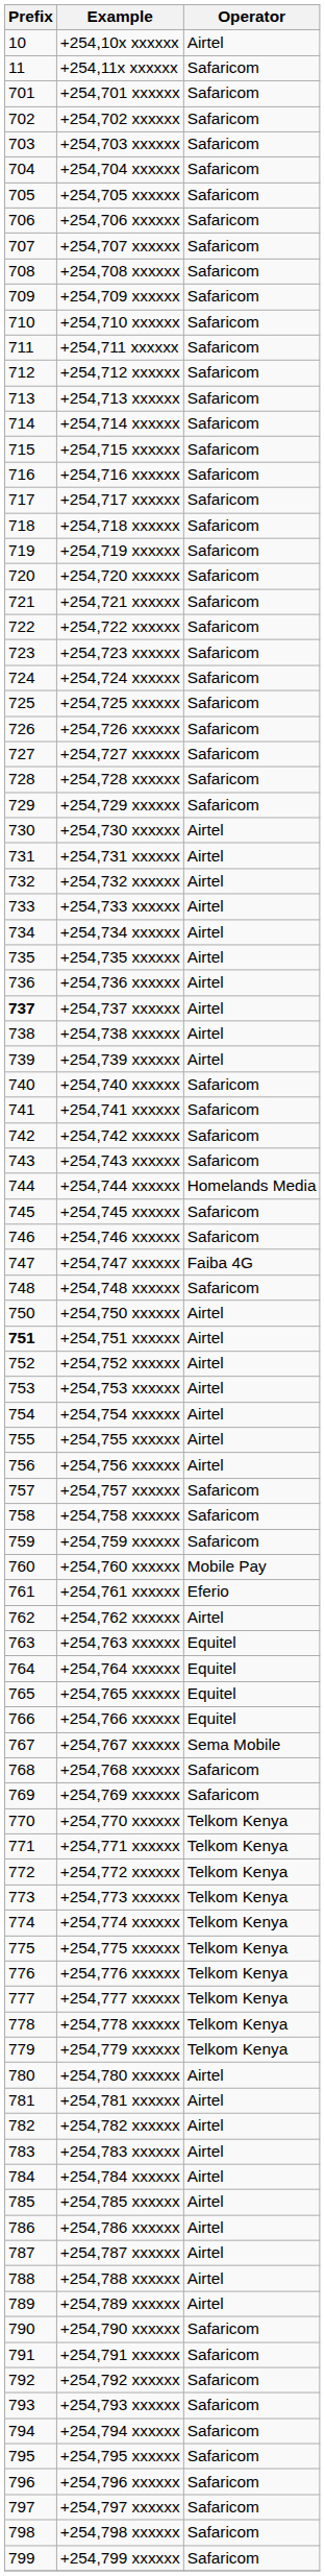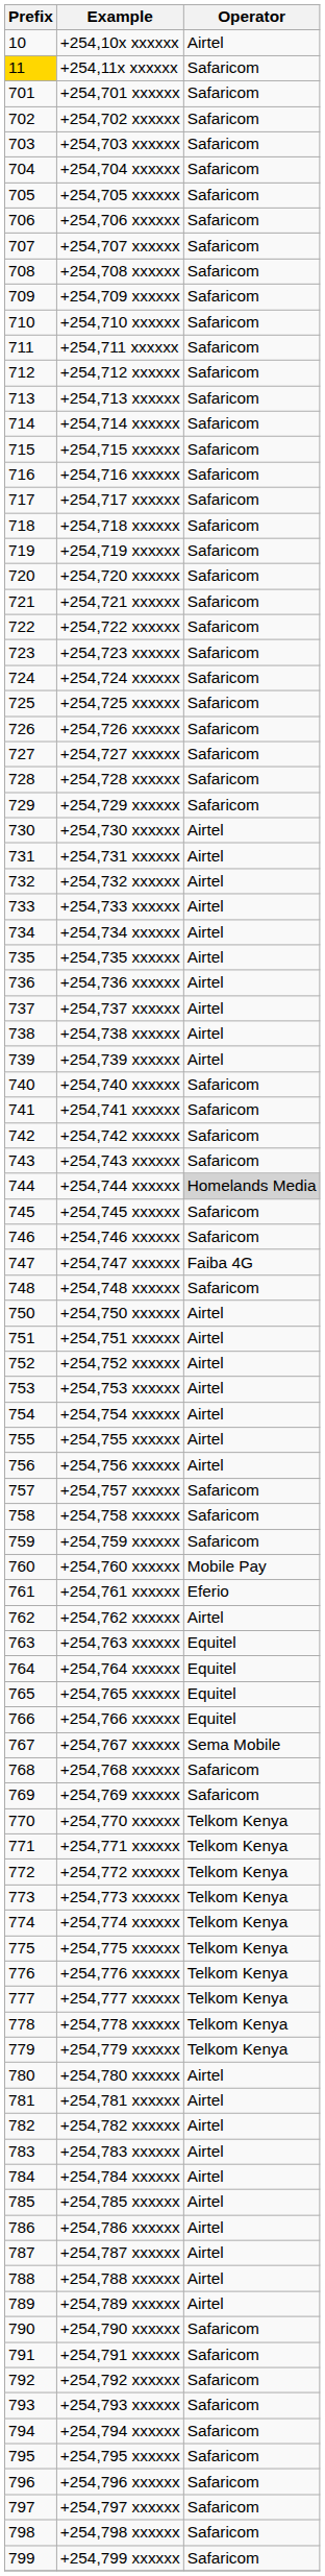 <table class="wikitable">
 <tr>
 <th>Prefix</th>
 <th>Example</th>
 <th>Operator</th>
 </tr>
 <tr>
 <td>10</td>
 <td>+254,10x xxxxxx</td>
 <td>Airtel</td>
 </tr>
 <tr>
-<td>11</td>
+<td style="background: gold;">11</td>
 <td>+254,11x xxxxxx</td>
 <td>Safaricom</td>
 </tr>
 <tr>
 <td>701</td>
 <td>+254,701 xxxxxx</td>
 <td>Safaricom</td>
 </tr>
 <tr>
 <td>702</td>
 <td>+254,702 xxxxxx</td>
 <td>Safaricom</td>
 </tr>
 <tr>
 <td>703</td>
 <td>+254,703 xxxxxx</td>
 <td>Safaricom</td>
 </tr>
 <tr>
 <td>704</td>
 <td>+254,704 xxxxxx</td>
 <td>Safaricom</td>
 </tr>
 <tr>
 <td>705</td>
 <td>+254,705 xxxxxx</td>
 <td>Safaricom</td>
 </tr>
 <tr>
 <td>706</td>
 <td>+254,706 xxxxxx</td>
 <td>Safaricom</td>
 </tr>
 <tr>
 <td>707</td>
 <td>+254,707 xxxxxx</td>
 <td>Safaricom</td>
 </tr>
 <tr>
 <td>708</td>
 <td>+254,708 xxxxxx</td>
 <td>Safaricom</td>
 </tr>
 <tr>
 <td>709</td>
 <td>+254,709 xxxxxx</td>
 <td>Safaricom</td>
 </tr>
 <tr>
 <td>710</td>
 <td>+254,710 xxxxxx</td>
 <td>Safaricom</td>
 </tr>
 <tr>
 <td>711</td>
 <td>+254,711 xxxxxx</td>
 <td>Safaricom</td>
 </tr>
 <tr>
 <td>712</td>
 <td>+254,712 xxxxxx</td>
 <td>Safaricom</td>
 </tr>
 <tr>
 <td>713</td>
 <td>+254,713 xxxxxx</td>
 <td>Safaricom</td>
 </tr>
 <tr>
 <td>714</td>
 <td>+254,714 xxxxxx</td>
 <td>Safaricom</td>
 </tr>
 <tr>
 <td>715</td>
 <td>+254,715 xxxxxx</td>
 <td>Safaricom</td>
 </tr>
 <tr>
 <td>716</td>
 <td>+254,716 xxxxxx</td>
 <td>Safaricom</td>
 </tr>
 <tr>
 <td>717</td>
 <td>+254,717 xxxxxx</td>
 <td>Safaricom</td>
 </tr>
 <tr>
 <td>718</td>
 <td>+254,718 xxxxxx</td>
 <td>Safaricom</td>
 </tr>
 <tr>
 <td>719</td>
 <td>+254,719 xxxxxx</td>
 <td>Safaricom</td>
 </tr>
 <tr>
 <td>720</td>
 <td>+254,720 xxxxxx</td>
 <td>Safaricom</td>
 </tr>
 <tr>
 <td>721</td>
 <td>+254,721 xxxxxx</td>
 <td>Safaricom</td>
 </tr>
 <tr>
 <td>722</td>
 <td>+254,722 xxxxxx</td>
 <td>Safaricom</td>
 </tr>
 <tr>
 <td>723</td>
 <td>+254,723 xxxxxx</td>
 <td>Safaricom</td>
 </tr>
 <tr>
 <td>724</td>
 <td>+254,724 xxxxxx</td>
 <td>Safaricom</td>
 </tr>
 <tr>
 <td>725</td>
 <td>+254,725 xxxxxx</td>
 <td>Safaricom</td>
 </tr>
 <tr>
 <td>726</td>
 <td>+254,726 xxxxxx</td>
 <td>Safaricom</td>
 </tr>
 <tr>
 <td>727</td>
 <td>+254,727 xxxxxx</td>
 <td>Safaricom</td>
 </tr>
 <tr>
 <td>728</td>
 <td>+254,728 xxxxxx</td>
 <td>Safaricom</td>
 </tr>
 <tr>
 <td>729</td>
 <td>+254,729 xxxxxx</td>
 <td>Safaricom</td>
 </tr>
 <tr>
 <td>730</td>
 <td>+254,730 xxxxxx</td>
 <td>Airtel</td>
 </tr>
 <tr>
 <td>731</td>
 <td>+254,731 xxxxxx</td>
 <td>Airtel</td>
 </tr>
 <tr>
 <td>732</td>
 <td>+254,732 xxxxxx</td>
 <td>Airtel</td>
 </tr>
 <tr>
 <td>733</td>
 <td>+254,733 xxxxxx</td>
 <td>Airtel</td>
 </tr>
 <tr>
 <td>734</td>
 <td>+254,734 xxxxxx</td>
 <td>Airtel</td>
 </tr>
 <tr>
 <td>735</td>
 <td>+254,735 xxxxxx</td>
 <td>Airtel</td>
 </tr>
 <tr>
 <td>736</td>
 <td>+254,736 xxxxxx</td>
 <td>Airtel</td>
 </tr>
 <tr>
-<td><strong>737</strong></td>
+<td>737</td>
 <td>+254,737 xxxxxx</td>
 <td>Airtel</td>
 </tr>
 <tr>
 <td>738</td>
 <td>+254,738 xxxxxx</td>
 <td>Airtel</td>
 </tr>
 <tr>
 <td>739</td>
 <td>+254,739 xxxxxx</td>
 <td>Airtel</td>
 </tr>
 <tr>
 <td>740</td>
 <td>+254,740 xxxxxx</td>
 <td>Safaricom</td>
 </tr>
 <tr>
 <td>741</td>
 <td>+254,741 xxxxxx</td>
 <td>Safaricom</td>
 </tr>
 <tr>
 <td>742</td>
 <td>+254,742 xxxxxx</td>
 <td>Safaricom</td>
 </tr>
 <tr>
 <td>743</td>
 <td>+254,743 xxxxxx</td>
 <td>Safaricom</td>
 </tr>
 <tr>
 <td>744</td>
 <td>+254,744 xxxxxx</td>
-<td>Homelands Media</td>
+<td style="background: lightgrey;">Homelands Media</td>
 </tr>
 <tr>
 <td>745</td>
 <td>+254,745 xxxxxx</td>
 <td>Safaricom</td>
 </tr>
 <tr>
 <td>746</td>
 <td>+254,746 xxxxxx</td>
 <td>Safaricom</td>
 </tr>
 <tr>
 <td>747</td>
 <td>+254,747 xxxxxx</td>
 <td>Faiba 4G</td>
 </tr>
 <tr>
 <td>748</td>
 <td>+254,748 xxxxxx</td>
 <td>Safaricom</td>
 </tr>
 <tr>
 <td>750</td>
 <td>+254,750 xxxxxx</td>
 <td>Airtel</td>
 </tr>
 <tr>
-<td><strong>751</strong></td>
+<td>751</td>
 <td>+254,751 xxxxxx</td>
 <td>Airtel</td>
 </tr>
 <tr>
 <td>752</td>
 <td>+254,752 xxxxxx</td>
 <td>Airtel</td>
 </tr>
 <tr>
 <td>753</td>
 <td>+254,753 xxxxxx</td>
 <td>Airtel</td>
 </tr>
 <tr>
 <td>754</td>
 <td>+254,754 xxxxxx</td>
 <td>Airtel</td>
 </tr>
 <tr>
 <td>755</td>
 <td>+254,755 xxxxxx</td>
 <td>Airtel</td>
 </tr>
 <tr>
 <td>756</td>
 <td>+254,756 xxxxxx</td>
 <td>Airtel</td>
 </tr>
 <tr>
 <td>757</td>
 <td>+254,757 xxxxxx</td>
 <td>Safaricom</td>
 </tr>
 <tr>
 <td>758</td>
 <td>+254,758 xxxxxx</td>
 <td>Safaricom</td>
 </tr>
 <tr>
 <td>759</td>
 <td>+254,759 xxxxxx</td>
 <td>Safaricom</td>
 </tr>
 <tr>
 <td>760</td>
 <td>+254,760 xxxxxx</td>
 <td>Mobile Pay</td>
 </tr>
 <tr>
 <td>761</td>
 <td>+254,761 xxxxxx</td>
 <td>Eferio</td>
 </tr>
 <tr>
 <td>762</td>
 <td>+254,762 xxxxxx</td>
 <td>Airtel</td>
 </tr>
 <tr>
 <td>763</td>
 <td>+254,763 xxxxxx</td>
 <td>Equitel</td>
 </tr>
 <tr>
 <td>764</td>
 <td>+254,764 xxxxxx</td>
 <td>Equitel</td>
 </tr>
 <tr>
 <td>765</td>
 <td>+254,765 xxxxxx</td>
 <td>Equitel</td>
 </tr>
 <tr>
 <td>766</td>
 <td>+254,766 xxxxxx</td>
 <td>Equitel</td>
 </tr>
 <tr>
 <td>767</td>
 <td>+254,767 xxxxxx</td>
 <td>Sema Mobile</td>
 </tr>
 <tr>
 <td>768</td>
 <td>+254,768 xxxxxx</td>
 <td>Safaricom</td>
 </tr>
 <tr>
 <td>769</td>
 <td>+254,769 xxxxxx</td>
 <td>Safaricom</td>
 </tr>
 <tr>
 <td>770</td>
 <td>+254,770 xxxxxx</td>
 <td>Telkom Kenya</td>
 </tr>
 <tr>
 <td>771</td>
 <td>+254,771 xxxxxx</td>
 <td>Telkom Kenya</td>
 </tr>
 <tr>
 <td>772</td>
 <td>+254,772 xxxxxx</td>
 <td>Telkom Kenya</td>
 </tr>
 <tr>
 <td>773</td>
 <td>+254,773 xxxxxx</td>
 <td>Telkom Kenya</td>
 </tr>
 <tr>
 <td>774</td>
 <td>+254,774 xxxxxx</td>
 <td>Telkom Kenya</td>
 </tr>
 <tr>
 <td>775</td>
 <td>+254,775 xxxxxx</td>
 <td>Telkom Kenya</td>
 </tr>
 <tr>
 <td>776</td>
 <td>+254,776 xxxxxx</td>
 <td>Telkom Kenya</td>
 </tr>
 <tr>
 <td>777</td>
 <td>+254,777 xxxxxx</td>
 <td>Telkom Kenya</td>
 </tr>
 <tr>
 <td>778</td>
 <td>+254,778 xxxxxx</td>
 <td>Telkom Kenya</td>
 </tr>
 <tr>
 <td>779</td>
 <td>+254,779 xxxxxx</td>
 <td>Telkom Kenya</td>
 </tr>
 <tr>
 <td>780</td>
 <td>+254,780 xxxxxx</td>
 <td>Airtel</td>
 </tr>
 <tr>
 <td>781</td>
 <td>+254,781 xxxxxx</td>
 <td>Airtel</td>
 </tr>
 <tr>
 <td>782</td>
 <td>+254,782 xxxxxx</td>
 <td>Airtel</td>
 </tr>
 <tr>
 <td>783</td>
 <td>+254,783 xxxxxx</td>
 <td>Airtel</td>
 </tr>
 <tr>
 <td>784</td>
 <td>+254,784 xxxxxx</td>
 <td>Airtel</td>
 </tr>
 <tr>
 <td>785</td>
 <td>+254,785 xxxxxx</td>
 <td>Airtel</td>
 </tr>
 <tr>
 <td>786</td>
 <td>+254,786 xxxxxx</td>
 <td>Airtel</td>
 </tr>
 <tr>
 <td>787</td>
 <td>+254,787 xxxxxx</td>
 <td>Airtel</td>
 </tr>
 <tr>
 <td>788</td>
 <td>+254,788 xxxxxx</td>
 <td>Airtel</td>
 </tr>
 <tr>
 <td>789</td>
 <td>+254,789 xxxxxx</td>
 <td>Airtel</td>
 </tr>
 <tr>
 <td>790</td>
 <td>+254,790 xxxxxx</td>
 <td>Safaricom</td>
 </tr>
 <tr>
 <td>791</td>
 <td>+254,791 xxxxxx</td>
 <td>Safaricom</td>
 </tr>
 <tr>
 <td>792</td>
 <td>+254,792 xxxxxx</td>
 <td>Safaricom</td>
 </tr>
 <tr>
 <td>793</td>
 <td>+254,793 xxxxxx</td>
 <td>Safaricom</td>
 </tr>
 <tr>
 <td>794</td>
 <td>+254,794 xxxxxx</td>
 <td>Safaricom</td>
 </tr>
 <tr>
 <td>795</td>
 <td>+254,795 xxxxxx</td>
 <td>Safaricom</td>
 </tr>
 <tr>
 <td>796</td>
 <td>+254,796 xxxxxx</td>
 <td>Safaricom</td>
 </tr>
 <tr>
 <td>797</td>
 <td>+254,797 xxxxxx</td>
 <td>Safaricom</td>
 </tr>
 <tr>
 <td>798</td>
 <td>+254,798 xxxxxx</td>
 <td>Safaricom</td>
 </tr>
 <tr>
 <td>799</td>
 <td>+254,799 xxxxxx</td>
 <td>Safaricom</td>
 </tr>
 <tr>
 </tr>
 </table>
